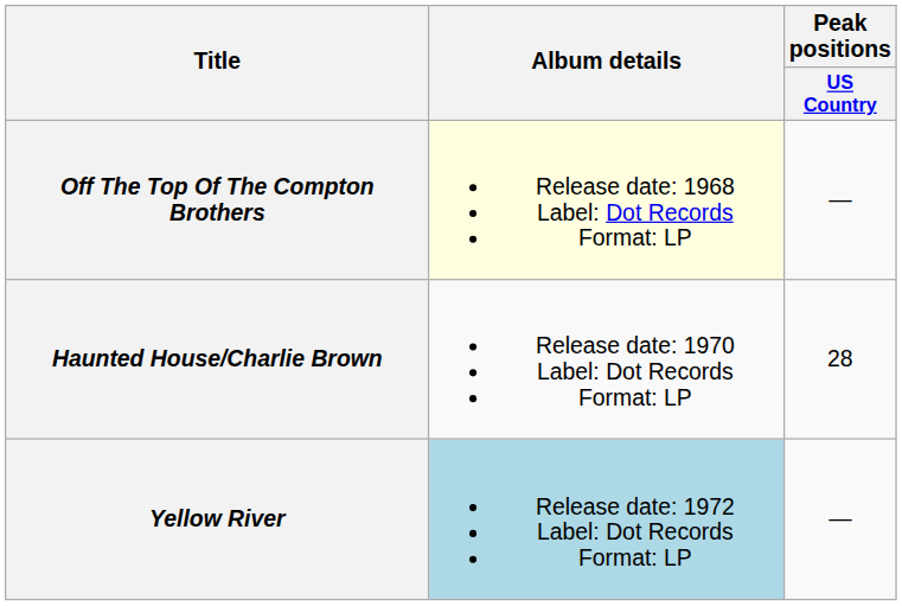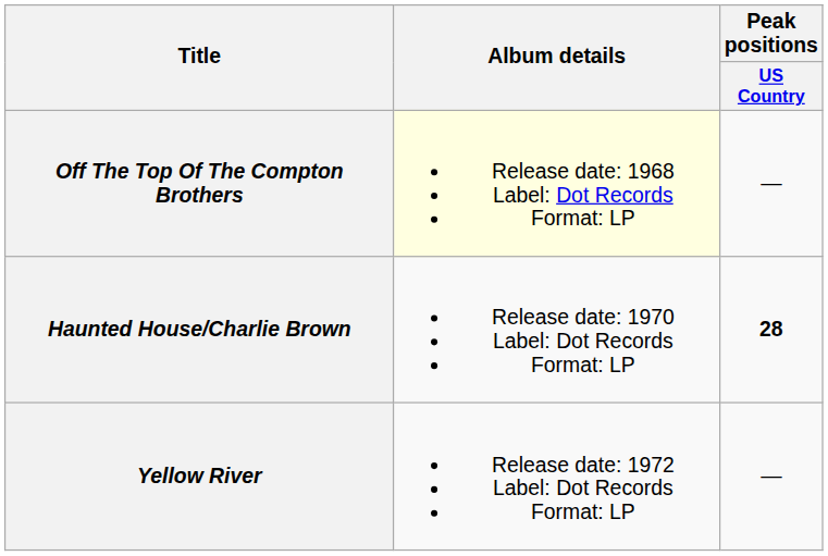 <table class="wikitable plainrowheaders" style="text-align:center;">
 <tr>
 <th rowspan="2" style="width:18em;">Title</th>
 <th rowspan="2" style="width:15em;">Album details</th>
 <th colspan="1">Peak positions</th>
 </tr>
 <tr style="font-size:smaller;">
 <th width="65"><a href='#'>US Country</a></th>
 </tr>
 <tr>
 <th scope="row"><em>Off The Top Of The Compton Brothers</em></th>
 <td style="background: lightyellow;"><br><ul><li>Release date: 1968</li><li>Label: <a href='#'>Dot Records</a></li><li>Format: LP</li></ul></td>
 <td>—</td>
 </tr>
 <tr>
 <th scope="row"><em>Haunted House/Charlie Brown</em></th>
 <td><br><ul><li>Release date: 1970</li><li>Label: Dot Records</li><li>Format: LP</li></ul></td>
-<td>28</td>
+<td><strong>28</strong></td>
 </tr>
 <tr>
 <th scope="row"><em>Yellow River</em></th>
-<td style="background: lightblue;"><br><ul><li>Release date: 1972</li><li>Label: Dot Records</li><li>Format: LP</li></ul></td>
+<td><br><ul><li>Release date: 1972</li><li>Label: Dot Records</li><li>Format: LP</li></ul></td>
 <td>—</td>
 </tr>
 </table>
